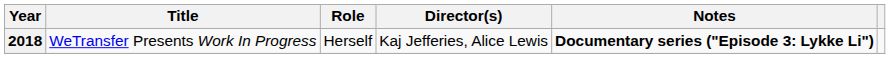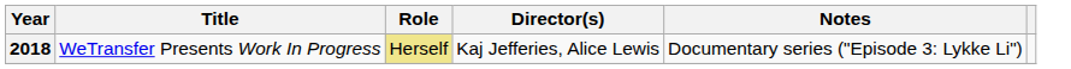 <table class="wikitable plainrowheaders sortable" style="margin-right: 0;">
 <tr>
 <th scope="col">Year</th>
 <th scope="col">Title</th>
 <th scope="col">Role</th>
 <th scope="col">Director(s)</th>
 <th scope="col" class="unsortable">Notes</th>
 <th scope="col" class="unsortable"></th>
 </tr>
 <tr>
 <th scope="row">2018</th>
 <td><a href='#'>WeTransfer</a> Presents <em>Work In Progress</em></td>
-<td>Herself</td>
+<td style="background: khaki;">Herself</td>
 <td>Kaj Jefferies, Alice Lewis</td>
-<td><strong>Documentary series ("Episode 3: Lykke Li")</strong></td>
+<td>Documentary series ("Episode 3: Lykke Li")</td>
 <td></td>
 </tr>
 <tr>
 </tr>
 </table>
